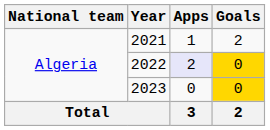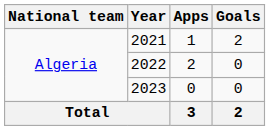 <table class="wikitable" style="text-align:center">
 <tr>
 <th>National team</th>
 <th>Year</th>
 <th>Apps</th>
 <th>Goals</th>
 </tr>
 <tr>
 <td rowspan=3><a href='#'>Algeria</a></td>
 <td>2021</td>
 <td>1</td>
 <td>2</td>
 </tr>
 <tr>
 <td>2022</td>
-<td style="background: lavender;">2</td>
-<td style="background: gold;">0</td>
+<td>2</td>
+<td>0</td>
 </tr>
 <tr>
 <td>2023</td>
 <td>0</td>
-<td style="background: gold;">0</td>
+<td>0</td>
 </tr>
 <tr>
 <th colspan=2>Total</th>
 <th>3</th>
 <th>2</th>
 </tr>
 </table>
